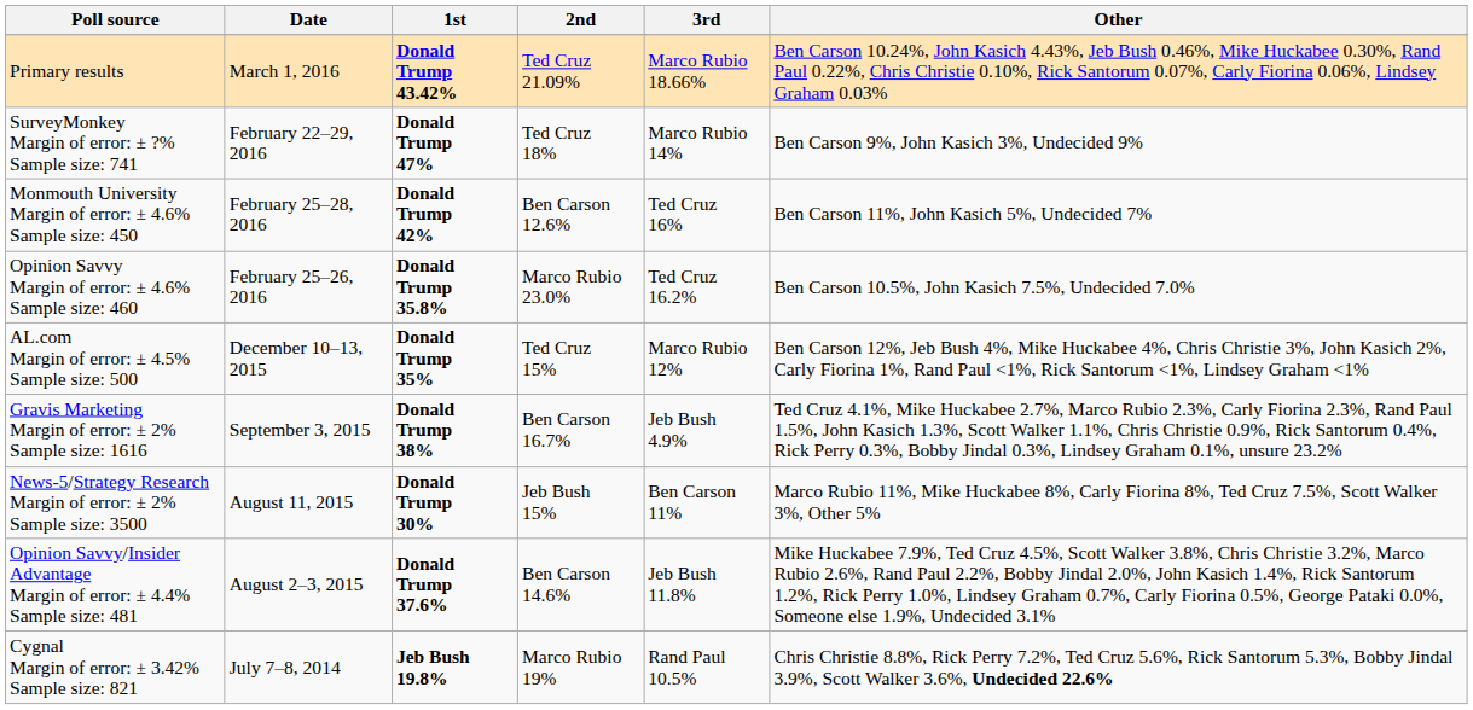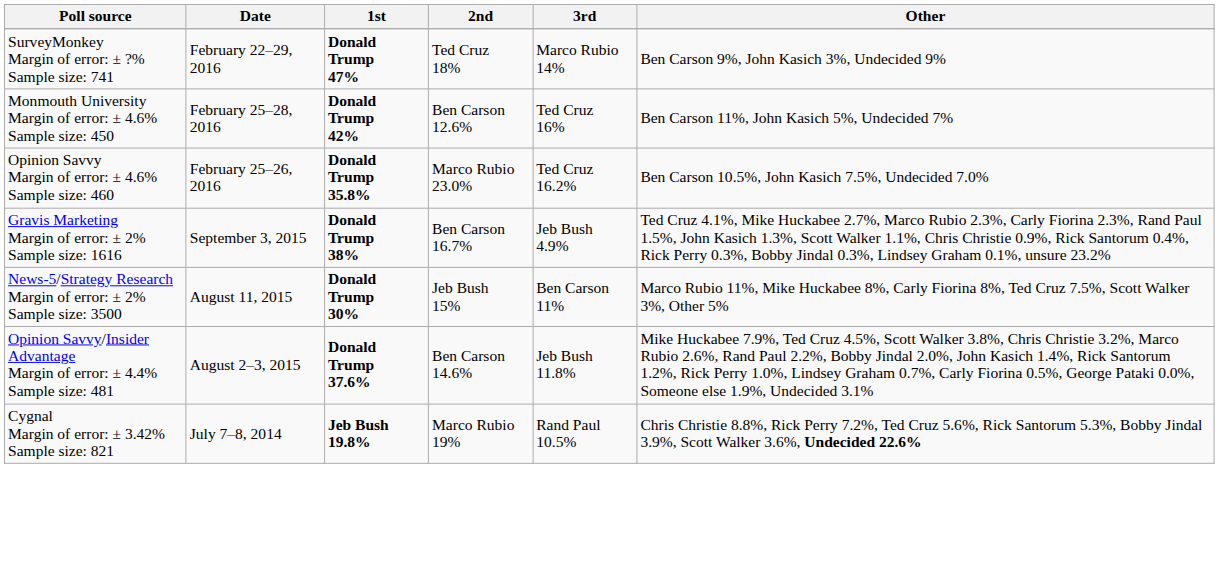 <table class="wikitable">
 <tr>
 <th style="width:180px;">Poll source</th>
 <th style="width:135px;">Date</th>
 <th style="width:100px;">1st</th>
 <th style="width:100px;">2nd</th>
 <th style="width:100px;">3rd</th>
 <th>Other</th>
 </tr>
 <tr>
-</tr>
-<tr style="background:Moccasin;">
-<td>Primary results</td>
-<td>March 1, 2016</td>
-<td><strong><a href='#'>Donald Trump</a><br>43.42%</strong></td>
-<td><a href='#'>Ted Cruz</a><br>21.09%</td>
-<td><a href='#'>Marco Rubio</a><br>18.66%</td>
-<td><a href='#'>Ben Carson</a> 10.24%, <a href='#'>John Kasich</a> 4.43%, <a href='#'>Jeb Bush</a> 0.46%, <a href='#'>Mike Huckabee</a> 0.30%, <a href='#'>Rand Paul</a> 0.22%, <a href='#'>Chris Christie</a> 0.10%, <a href='#'>Rick Santorum</a> 0.07%, <a href='#'>Carly Fiorina</a> 0.06%, <a href='#'>Lindsey Graham</a> 0.03%</td>
 </tr>
 <tr>
 <td>SurveyMonkey<br>Margin of error: ± ?% Sample size: 741</td>
 <td>February 22–29, 2016</td>
 <td><strong>Donald Trump<br>47%</strong></td>
 <td>Ted Cruz<br>18%</td>
 <td>Marco Rubio<br>14%</td>
 <td>Ben Carson 9%, John Kasich 3%, Undecided 9%</td>
 </tr>
 <tr>
 <td>Monmouth University<br>Margin of error: ± 4.6% <br>Sample size: 450</td>
 <td>February 25–28, 2016</td>
 <td><strong>Donald Trump<br>42%</strong></td>
 <td>Ben Carson<br>12.6%</td>
 <td>Ted Cruz<br>16%</td>
 <td>Ben Carson 11%, John Kasich 5%, Undecided 7%</td>
 </tr>
 <tr>
 <td>Opinion Savvy<br>Margin of error: ± 4.6% Sample size: 460</td>
 <td>February 25–26, 2016</td>
 <td><strong>Donald Trump<br>35.8%</strong></td>
 <td>Marco Rubio<br>23.0%</td>
 <td>Ted Cruz<br>16.2%</td>
 <td>Ben Carson 10.5%, John Kasich 7.5%, Undecided 7.0%</td>
-</tr>
-<tr>
-<td>AL.com<br>Margin of error: ± 4.5% Sample size: 500</td>
-<td>December 10–13, 2015</td>
-<td><strong>Donald Trump<br>35%</strong></td>
-<td>Ted Cruz<br>15%</td>
-<td>Marco Rubio<br>12%</td>
-<td>Ben Carson 12%, Jeb Bush 4%, Mike Huckabee 4%, Chris Christie 3%, John Kasich 2%, Carly Fiorina 1%, Rand Paul <1%, Rick Santorum <1%, Lindsey Graham <1%</td>
 </tr>
 <tr>
 <td><a href='#'>Gravis Marketing</a><br>Margin of error: ± 2% <br>Sample size: 1616</td>
 <td>September 3, 2015</td>
 <td><strong>Donald Trump<br>38%</strong></td>
 <td>Ben Carson<br>16.7%</td>
 <td>Jeb Bush<br>4.9%</td>
 <td>Ted Cruz 4.1%, Mike Huckabee 2.7%, Marco Rubio 2.3%, Carly Fiorina 2.3%, Rand Paul 1.5%, John Kasich 1.3%, Scott Walker 1.1%, Chris Christie 0.9%, Rick Santorum 0.4%, Rick Perry 0.3%, Bobby Jindal 0.3%, Lindsey Graham 0.1%, unsure 23.2%</td>
 </tr>
 <tr>
 <td><a href='#'>News-5</a>/<a href='#'>Strategy Research</a><br>Margin of error: ± 2% <br>Sample size: 3500</td>
 <td>August 11, 2015</td>
 <td><strong>Donald Trump<br>30%</strong></td>
 <td>Jeb Bush<br>15%</td>
 <td>Ben Carson<br>11%</td>
 <td>Marco Rubio 11%, Mike Huckabee 8%, Carly Fiorina 8%, Ted Cruz 7.5%, Scott Walker 3%, Other 5%</td>
 </tr>
 <tr>
 <td><a href='#'>Opinion Savvy</a>/<a href='#'>Insider Advantage</a><br>Margin of error: ± 4.4% <br>Sample size: 481</td>
 <td>August 2–3, 2015</td>
 <td><strong>Donald Trump<br>37.6%</strong></td>
 <td>Ben Carson<br>14.6%</td>
 <td>Jeb Bush<br>11.8%</td>
 <td>Mike Huckabee 7.9%, Ted Cruz 4.5%, Scott Walker 3.8%, Chris Christie 3.2%, Marco Rubio 2.6%, Rand Paul 2.2%, Bobby Jindal 2.0%, John Kasich 1.4%, Rick Santorum 1.2%, Rick Perry 1.0%, Lindsey Graham 0.7%, Carly Fiorina 0.5%, George Pataki 0.0%, Someone else 1.9%, Undecided 3.1%</td>
 </tr>
 <tr>
 <td>Cygnal<br>Margin of error: ± 3.42% <br>Sample size: 821</td>
 <td>July 7–8, 2014</td>
 <td><strong>Jeb Bush<br>19.8%</strong></td>
 <td>Marco Rubio<br>19%</td>
 <td>Rand Paul<br>10.5%</td>
 <td>Chris Christie 8.8%, Rick Perry 7.2%, Ted Cruz 5.6%, Rick Santorum 5.3%, Bobby Jindal 3.9%, Scott Walker 3.6%, <span><strong>Undecided 22.6%</strong></span></td>
 </tr>
 </table>
